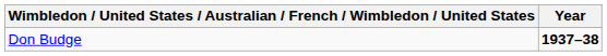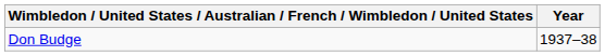 <table class="wikitable">
 <tr>
 <th>Wimbledon / United States / Australian / French / Wimbledon / United States</th>
 <th>Year</th>
 </tr>
 <tr>
 <td> <a href='#'>Don Budge</a></td>
-<td><strong>1937–38</strong></td>
+<td>1937–38</td>
 </tr>
 </table>
